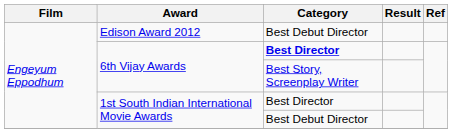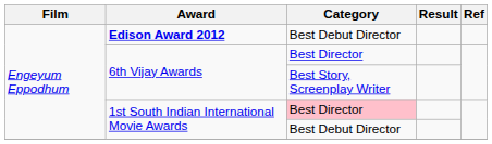 <table class="wikitable sortable">
 <tr>
 <th>Film</th>
 <th>Award</th>
 <th>Category</th>
 <th>Result</th>
 <th>Ref</th>
 </tr>
 <tr>
 <td rowspan=5><em><a href='#'>Engeyum Eppodhum</a></em></td>
-<td><a href='#'>Edison Award 2012</a></td>
+<td><strong><a href='#'>Edison Award 2012</a></strong></td>
 <td>Best Debut Director</td>
 <td></td>
 <td></td>
 </tr>
 <tr>
 <td rowspan=2><a href='#'>6th Vijay Awards</a></td>
-<td><strong><a href='#'>Best Director</a></strong></td>
+<td><a href='#'>Best Director</a></td>
 <td></td>
 <td rowspan=2></td>
 </tr>
 <tr>
 <td><a href='#'>Best Story, Screenplay Writer</a></td>
 <td></td>
 </tr>
 <tr>
 <td rowspan=2><a href='#'>1st South Indian International Movie Awards</a></td>
-<td>Best Director</td>
+<td style="background: pink;">Best Director</td>
 <td></td>
 <td rowspan=2><br></td>
 </tr>
 <tr>
 <td>Best Debut Director</td>
 <td></td>
 </tr>
 <tr>
 </tr>
 </table>
